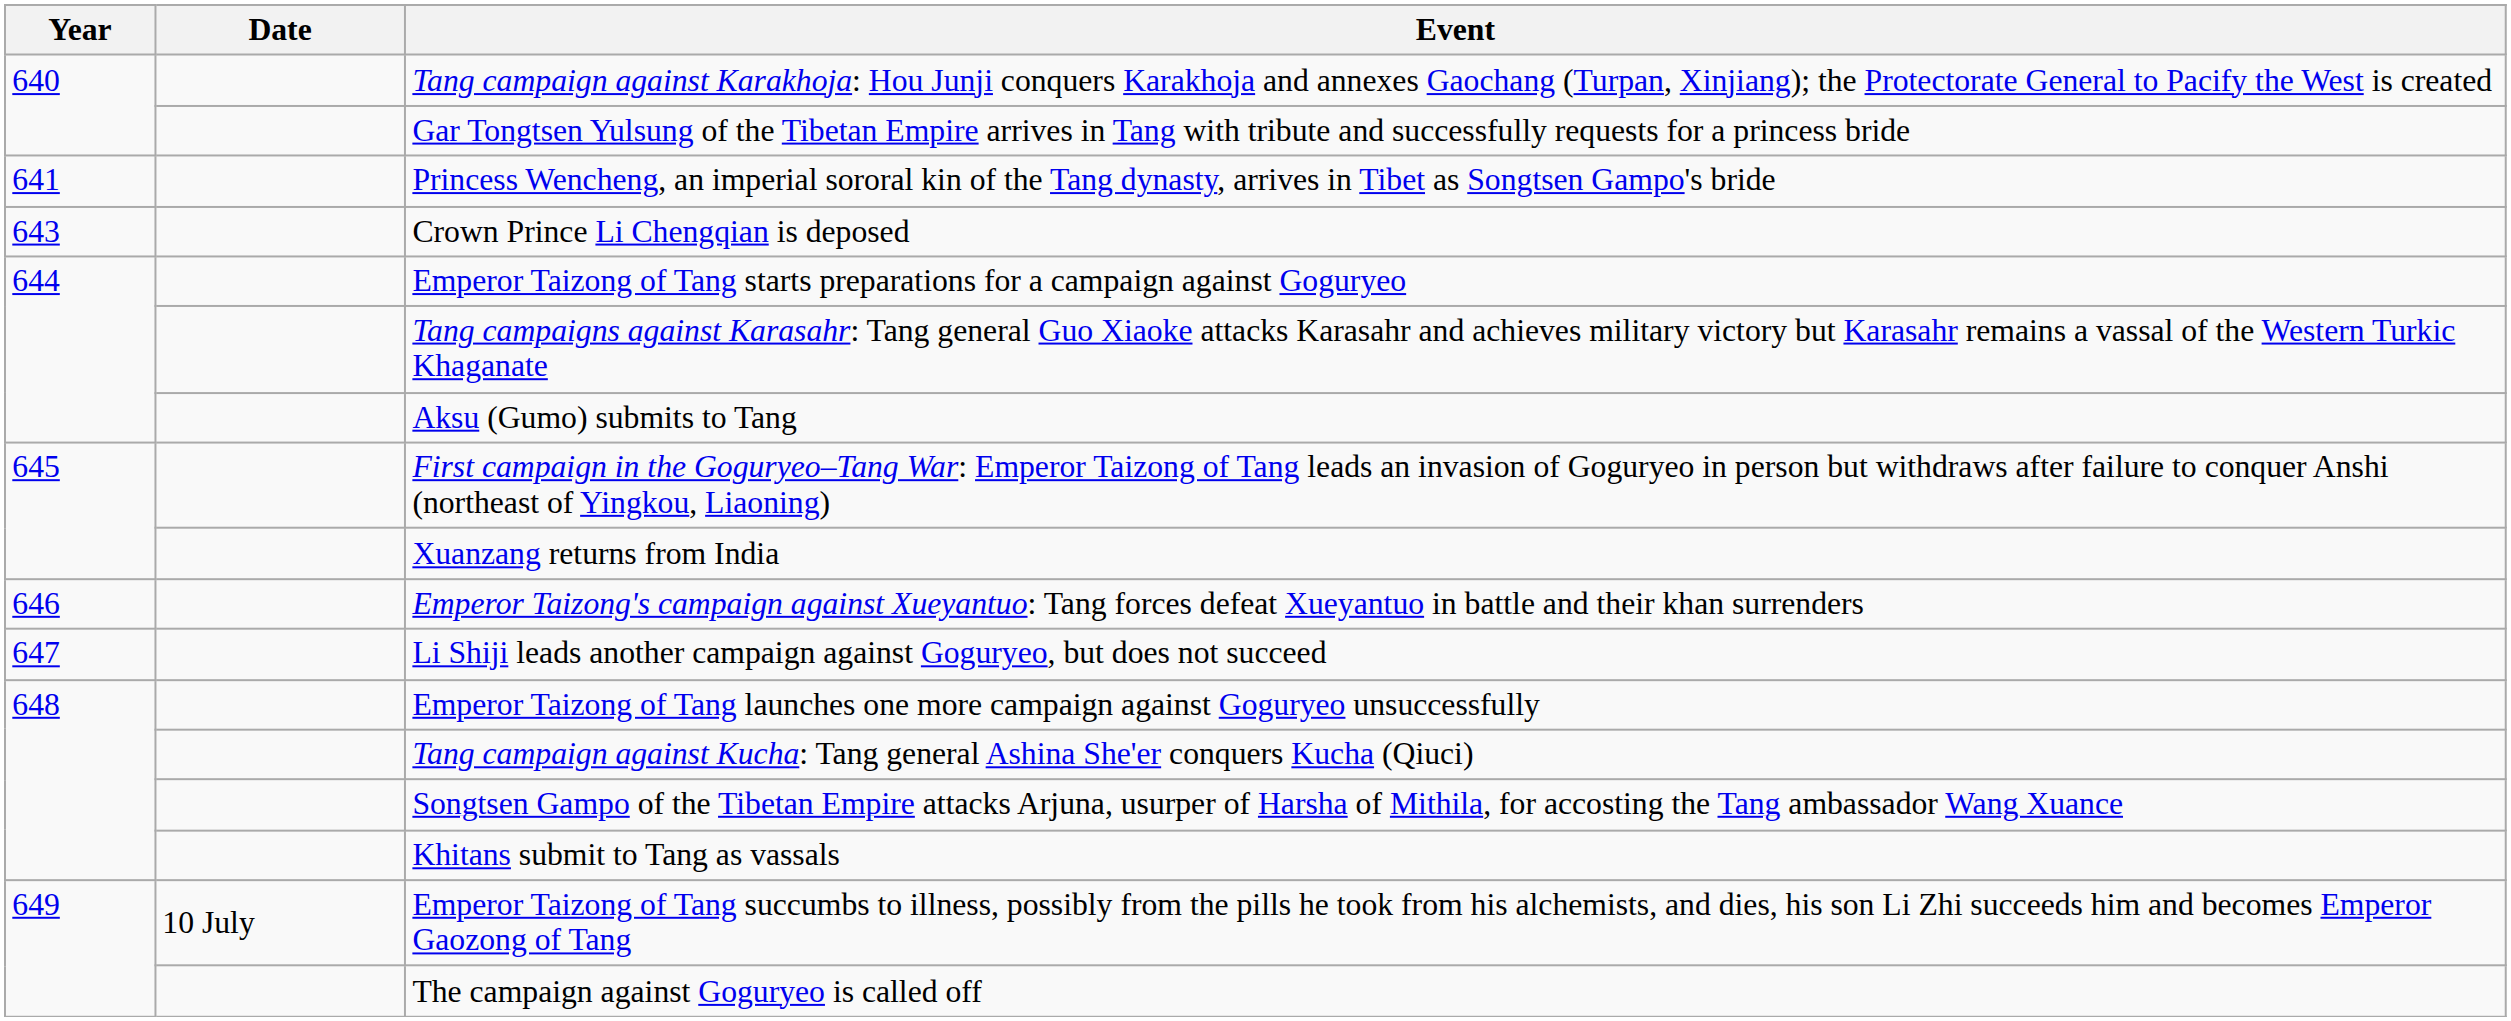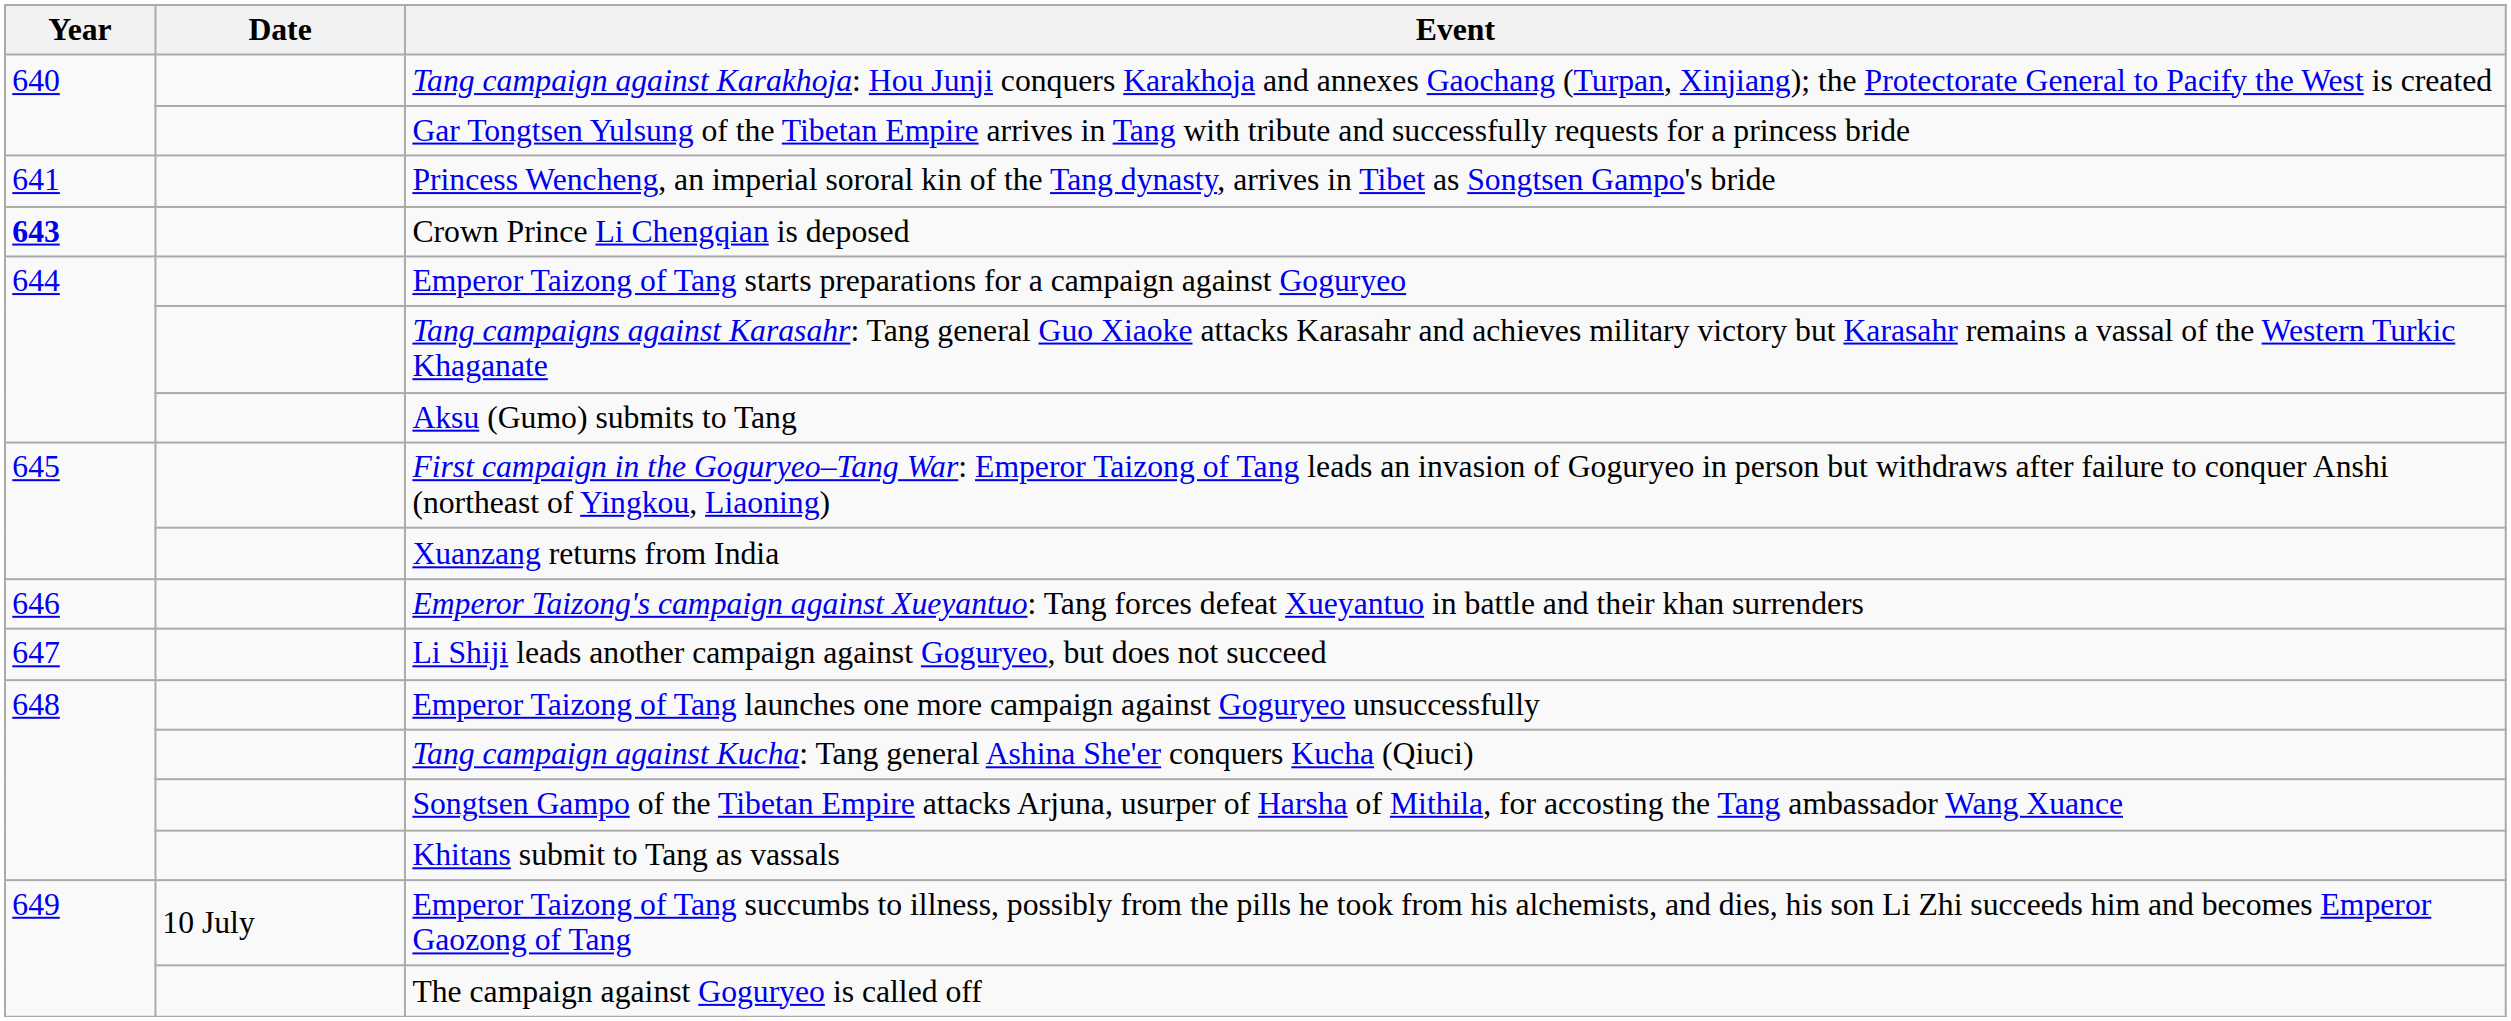 <table class="wikitable" width="100%">
 <tr>
 <th style="width:6%">Year</th>
 <th style="width:10%">Date</th>
 <th>Event</th>
 </tr>
 <tr>
 <td rowspan="2" valign="top"><a href='#'>640</a></td>
 <td></td>
 <td><em><a href='#'>Tang campaign against Karakhoja</a></em>: <a href='#'>Hou Junji</a> conquers <a href='#'>Karakhoja</a> and annexes <a href='#'>Gaochang</a> (<a href='#'>Turpan</a>, <a href='#'>Xinjiang</a>); the <a href='#'>Protectorate General to Pacify the West</a> is created</td>
 </tr>
 <tr>
 <td></td>
 <td><a href='#'>Gar Tongtsen Yulsung</a> of the <a href='#'>Tibetan Empire</a> arrives in <a href='#'>Tang</a> with tribute and successfully requests for a princess bride</td>
 </tr>
 <tr>
 <td><a href='#'>641</a></td>
 <td></td>
 <td><a href='#'>Princess Wencheng</a>, an imperial sororal kin of the <a href='#'>Tang dynasty</a>, arrives in <a href='#'>Tibet</a> as <a href='#'>Songtsen Gampo</a>'s bride</td>
 </tr>
 <tr>
-<td><a href='#'>643</a></td>
+<td><strong><a href='#'>643</a></strong></td>
 <td></td>
 <td>Crown Prince <a href='#'>Li Chengqian</a> is deposed</td>
 </tr>
 <tr>
 <td rowspan="3" valign="top"><a href='#'>644</a></td>
 <td></td>
 <td><a href='#'>Emperor Taizong of Tang</a> starts preparations for a campaign against <a href='#'>Goguryeo</a></td>
 </tr>
 <tr>
 <td></td>
 <td><em><a href='#'>Tang campaigns against Karasahr</a></em>: Tang general <a href='#'>Guo Xiaoke</a> attacks Karasahr and achieves military victory but <a href='#'>Karasahr</a> remains a vassal of the <a href='#'>Western Turkic Khaganate</a></td>
 </tr>
 <tr>
 <td></td>
 <td><a href='#'>Aksu</a> (Gumo) submits to Tang </td>
 </tr>
 <tr>
 <td rowspan="2" valign="top"><a href='#'>645</a></td>
 <td></td>
 <td><em><a href='#'>First campaign in the Goguryeo–Tang War</a></em>: <a href='#'>Emperor Taizong of Tang</a> leads an invasion of Goguryeo in person but withdraws after failure to conquer Anshi (northeast of <a href='#'>Yingkou</a>, <a href='#'>Liaoning</a>)</td>
 </tr>
 <tr>
 <td></td>
 <td><a href='#'>Xuanzang</a> returns from India</td>
 </tr>
 <tr>
 <td><a href='#'>646</a></td>
 <td></td>
 <td><em><a href='#'>Emperor Taizong's campaign against Xueyantuo</a></em>: Tang forces defeat <a href='#'>Xueyantuo</a> in battle and their khan surrenders</td>
 </tr>
 <tr>
 <td><a href='#'>647</a></td>
 <td></td>
 <td><a href='#'>Li Shiji</a> leads another campaign against <a href='#'>Goguryeo</a>, but does not succeed</td>
 </tr>
 <tr>
 <td rowspan="4" valign="top"><a href='#'>648</a></td>
 <td></td>
 <td><a href='#'>Emperor Taizong of Tang</a> launches one more campaign against <a href='#'>Goguryeo</a> unsuccessfully</td>
 </tr>
 <tr>
 <td></td>
 <td><em><a href='#'>Tang campaign against Kucha</a></em>: Tang general <a href='#'>Ashina She'er</a> conquers <a href='#'>Kucha</a> (Qiuci)</td>
 </tr>
 <tr>
 <td></td>
 <td><a href='#'>Songtsen Gampo</a> of the <a href='#'>Tibetan Empire</a> attacks Arjuna, usurper of <a href='#'>Harsha</a> of <a href='#'>Mithila</a>, for accosting the <a href='#'>Tang</a> ambassador <a href='#'>Wang Xuance</a></td>
 </tr>
 <tr>
 <td></td>
 <td><a href='#'>Khitans</a> submit to Tang as vassals</td>
 </tr>
 <tr>
 <td rowspan="2" valign="top"><a href='#'>649</a></td>
 <td>10 July</td>
 <td><a href='#'>Emperor Taizong of Tang</a> succumbs to illness, possibly from the pills he took from his alchemists, and dies, his son Li Zhi succeeds him and becomes <a href='#'>Emperor Gaozong of Tang</a></td>
 </tr>
 <tr>
 <td></td>
 <td>The campaign against <a href='#'>Goguryeo</a> is called off</td>
 </tr>
 </table>
